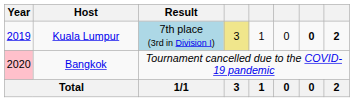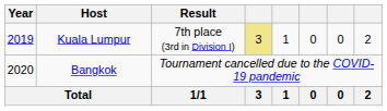 <table class="wikitable" style="text-align:center">
 <tr>
 <th width=30>Year</th>
 <th width=150>Host</th>
 <th width=120>Result</th>
 <th width=30></th>
 <th width=30></th>
 <th width=30></th>
 <th width=30></th>
 <th width=30></th>
 </tr>
 <tr>
 <td><a href='#'>2019</a></td>
 <td> <a href='#'>Kuala Lumpur</a></td>
-<td style="background: lightblue;">7th place<br><small>(3rd in <a href='#'>Division I</a>)</small></td>
+<td>7th place<br><small>(3rd in <a href='#'>Division I</a>)</small></td>
 <td style="background: khaki;">3</td>
 <td>1</td>
 <td>0</td>
-<td><strong>0</strong></td>
-<td><strong>2</strong></td>
+<td>0</td>
+<td>2</td>
 </tr>
 <tr>
-<td style="background: pink;">2020</td>
+<td>2020</td>
 <td> <a href='#'>Bangkok</a></td>
 <td colspan=6><em>Tournament cancelled due to the <a href='#'>COVID-19 pandemic</a></em></td>
 </tr>
 <tr>
 <th colspan=2>Total</th>
 <th>1/1</th>
 <th>3</th>
 <th>1</th>
 <th>0</th>
 <th>0</th>
 <th>2</th>
 </tr>
 </table>
